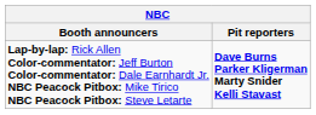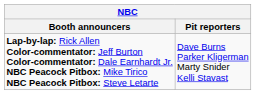 <table class="wikitable" style="font-size: 95%">
 <tr>
 <th colspan="2"><a href='#'>NBC</a></th>
 </tr>
 <tr>
 <th>Booth announcers</th>
 <th>Pit reporters</th>
 </tr>
 <tr>
 <td><strong>Lap-by-lap:</strong> <a href='#'>Rick Allen</a><br><strong>Color-commentator:</strong> <a href='#'>Jeff Burton</a><br><strong>Color-commentator:</strong> <a href='#'>Dale Earnhardt Jr.</a><br><strong>NBC Peacock Pitbox:</strong> <a href='#'>Mike Tirico</a><br><strong>NBC Peacock Pitbox:</strong> <a href='#'>Steve Letarte</a></td>
-<td><strong><a href='#'>Dave Burns</a><br><a href='#'>Parker Kligerman</a><br>Marty Snider<br><a href='#'>Kelli Stavast</a></strong></td>
+<td><a href='#'>Dave Burns</a><br><a href='#'>Parker Kligerman</a><br>Marty Snider<br><a href='#'>Kelli Stavast</a></td>
 </tr>
 </table>
